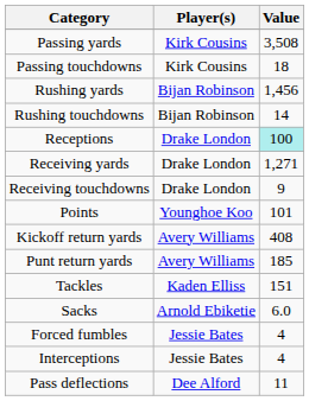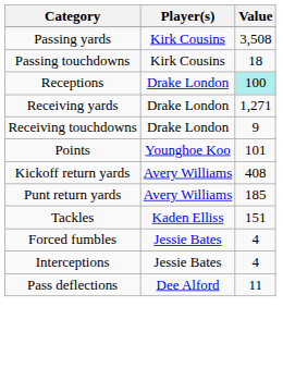 <table class="wikitable" style="text-align:center">
 <tr>
 <th>Category</th>
 <th>Player(s)</th>
 <th>Value</th>
 </tr>
 <tr>
 </tr>
 <tr>
 <td>Passing yards</td>
 <td><a href='#'>Kirk Cousins</a></td>
 <td>3,508</td>
 </tr>
 <tr>
 <td>Passing touchdowns</td>
 <td>Kirk Cousins</td>
 <td>18</td>
-</tr>
-<tr>
-<td>Rushing yards</td>
-<td><a href='#'>Bijan Robinson</a></td>
-<td>1,456</td>
-</tr>
-<tr>
-<td>Rushing touchdowns</td>
-<td>Bijan Robinson</td>
-<td>14</td>
 </tr>
 <tr>
 <td>Receptions</td>
 <td><a href='#'>Drake London</a></td>
 <td style="background: paleturquoise;">100</td>
 </tr>
 <tr>
 <td>Receiving yards</td>
 <td>Drake London</td>
 <td>1,271</td>
 </tr>
 <tr>
 <td>Receiving touchdowns</td>
 <td>Drake London</td>
 <td>9</td>
 </tr>
 <tr>
 <td>Points</td>
 <td><a href='#'>Younghoe Koo</a></td>
 <td>101</td>
 </tr>
 <tr>
 <td>Kickoff return yards</td>
 <td><a href='#'>Avery Williams</a></td>
 <td>408</td>
 </tr>
 <tr>
 <td>Punt return yards</td>
 <td><a href='#'>Avery Williams</a></td>
 <td>185</td>
 </tr>
 <tr>
 <td>Tackles</td>
 <td><a href='#'>Kaden Elliss</a></td>
 <td>151</td>
 </tr>
 <tr>
-<td>Sacks</td>
-<td><a href='#'>Arnold Ebiketie</a></td>
-<td>6.0</td>
-</tr>
-<tr>
 <td>Forced fumbles</td>
 <td><a href='#'>Jessie Bates</a></td>
 <td>4</td>
 </tr>
 <tr>
 <td>Interceptions</td>
 <td>Jessie Bates</td>
 <td>4</td>
 </tr>
 <tr>
 <td>Pass deflections</td>
 <td><a href='#'>Dee Alford</a></td>
 <td>11</td>
 </tr>
 </table>
